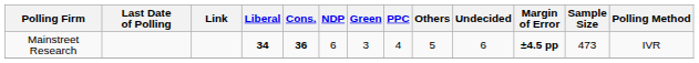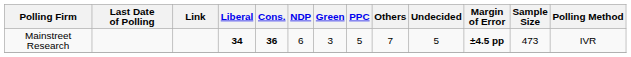 <table class="wikitable sortable" style="text-align:center;font-size:90%;line-height:14px;">
 <tr style="background:#e9e9e9;">
 <th style="width:120px">Polling Firm</th>
 <th style="width:110px">Last Date<br>of Polling</th>
 <th style="width:60px" class="unsortable">Link</th>
 <th style="background-color:"><a href='#'>Liberal</a></th>
 <th style="background-color:"><a href='#'>Cons.</a></th>
 <th style="background-color:"><a href='#'>NDP</a></th>
 <th style="background-color:"><a href='#'>Green</a></th>
 <th style="background-color:"><a href='#'><span>PPC</span></a></th>
 <th style="background-color:">Others</th>
 <th style="background-color:">Undecided</th>
 <th style="width:60px;" class=unsortable>Margin<br>of Error</th>
 <th style="width:50px;" class=unsortable>Sample<br>Size</th>
 <th class=unsortable>Polling Method</th>
 </tr>
 <tr>
 <td>Mainstreet Research</td>
 <td></td>
 <td></td>
 <td><strong>34</strong></td>
 <td><strong>36</strong></td>
 <td>6</td>
 <td>3</td>
-<td>4</td>
 <td>5</td>
-<td>6</td>
+<td>7</td>
+<td>5</td>
 <td><strong>±4.5 pp</strong></td>
 <td>473</td>
 <td>IVR</td>
 </tr>
 <tr>
 </tr>
 </table>
